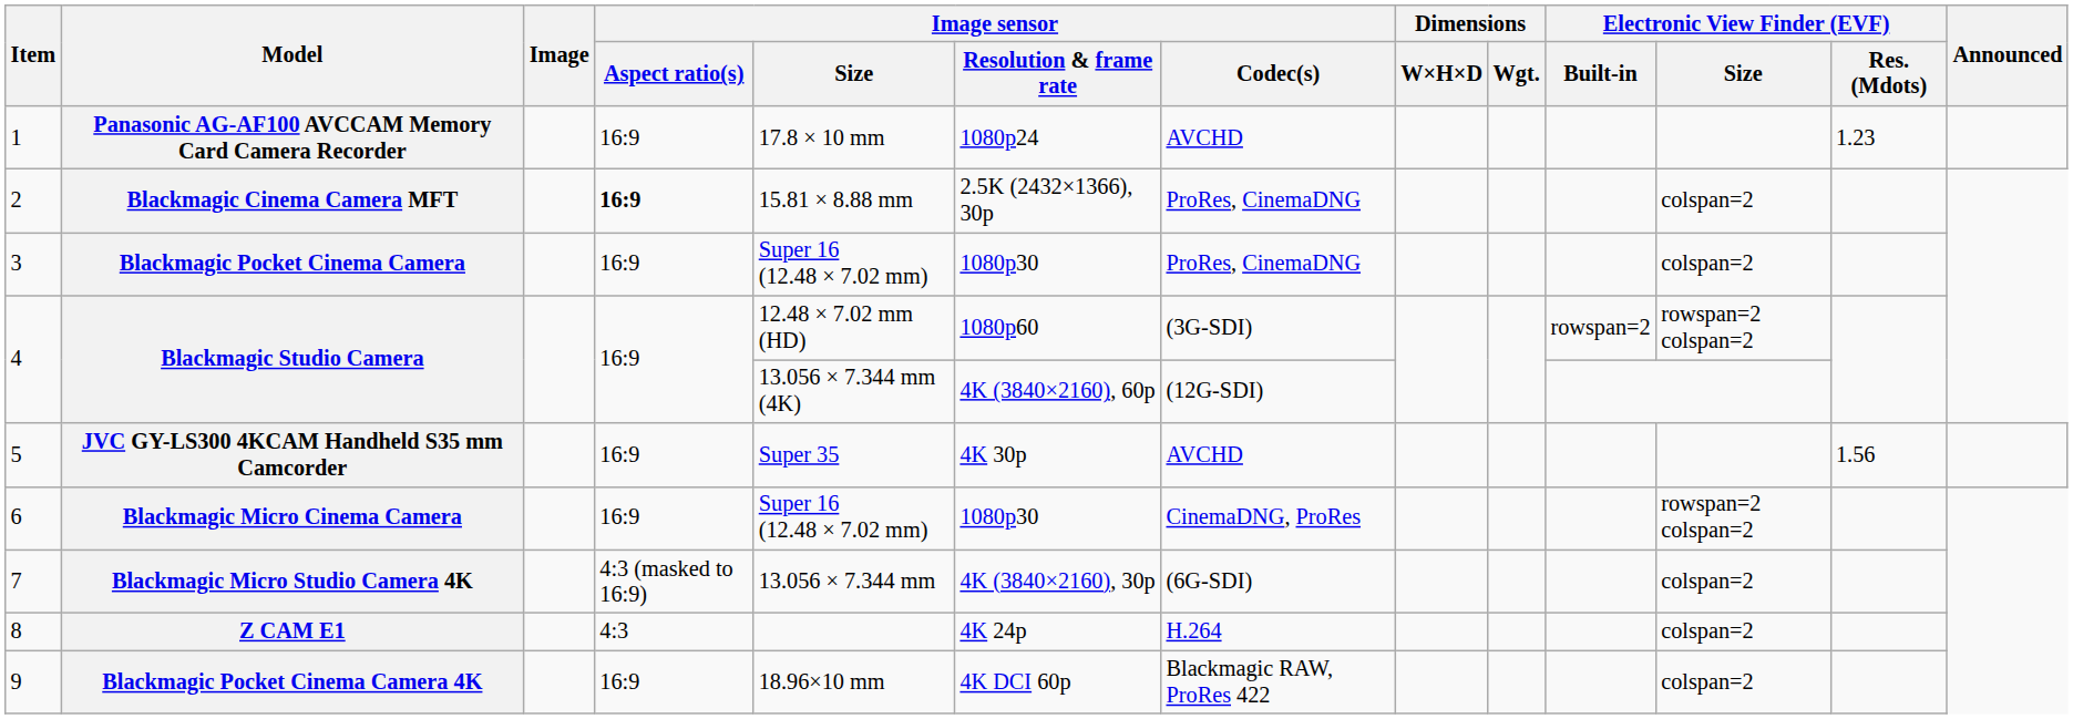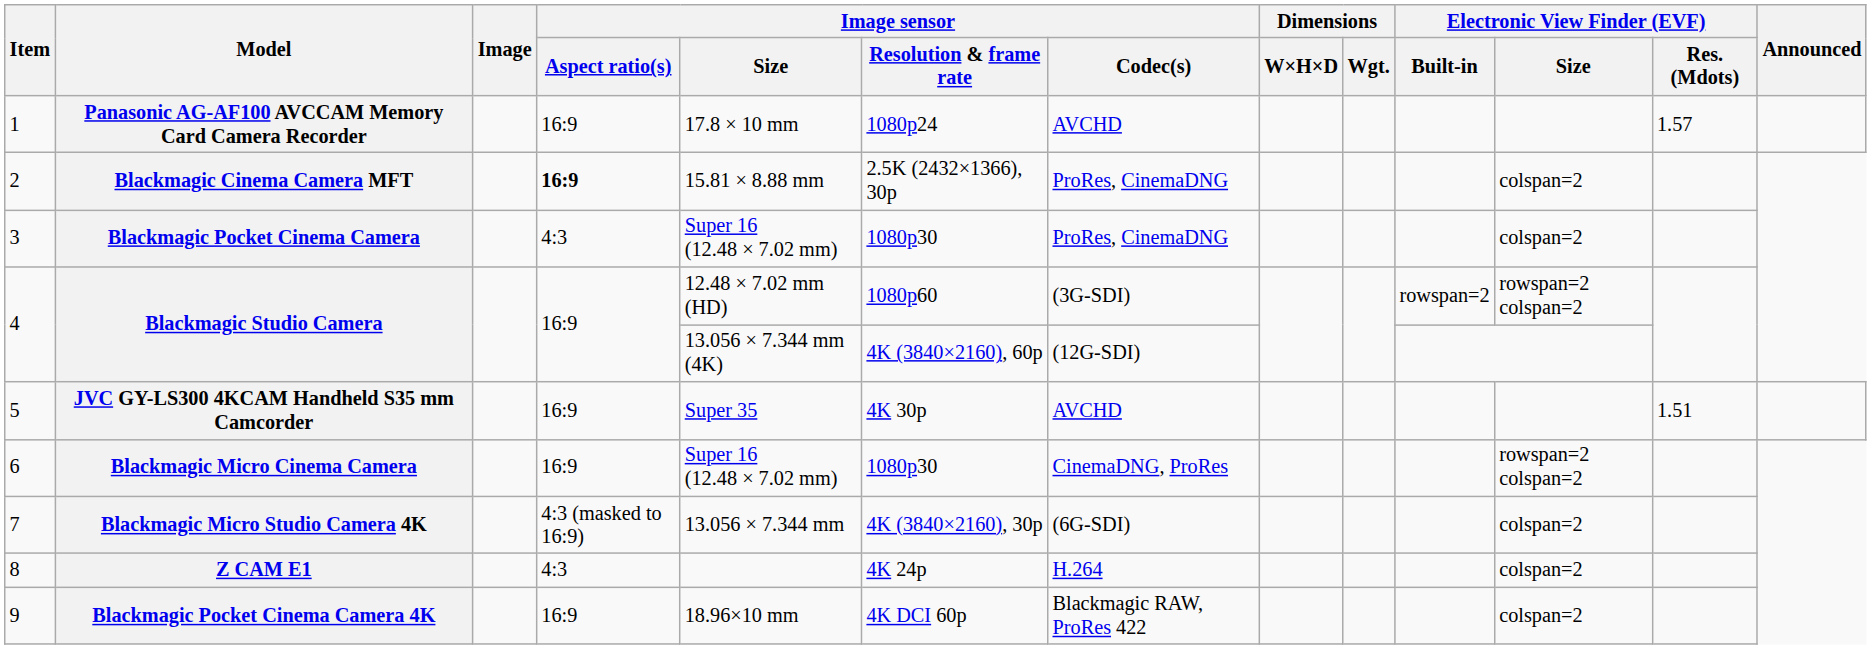 <table class="wikitable sortable" style= "border:darkgrey;font-size:85%;">
 <tr>
 <th rowspan=2>Item</th>
 <th rowspan=2>Model</th>
 <th rowspan=2 class="unsortable">Image</th>
 <th colspan=4><a href='#'>Image sensor</a></th>
 <th colspan=2>Dimensions</th>
 <th colspan=3><a href='#'>Electronic View Finder (EVF)</a></th>
 <th rowspan=2>Announced</th>
 </tr>
 <tr>
 <th><a href='#'>Aspect ratio(s)</a></th>
 <th>Size</th>
 <th><a href='#'>Resolution</a> & <a href='#'>frame rate</a></th>
 <th>Codec(s)</th>
 <th>W×H×D</th>
 <th>Wgt.</th>
 <th>Built-in</th>
 <th>Size</th>
 <th>Res. (Mdots)</th>
 </tr>
 <tr>
 <td>1</td>
 <th><a href='#'>Panasonic AG-AF100</a> AVCCAM Memory Card Camera Recorder</th>
 <td></td>
 <td>16:9</td>
 <td>17.8 × 10 mm</td>
 <td><a href='#'>1080p</a>24</td>
 <td><a href='#'>AVCHD</a></td>
 <td></td>
 <td></td>
 <td></td>
 <td></td>
-<td>1.23</td>
+<td>1.57</td>
 <td style="padding-left:.5em;"></td>
 </tr>
 <tr>
 <td>2</td>
 <th><a href='#'>Blackmagic Cinema Camera</a> MFT</th>
 <td></td>
 <td><strong>16:9</strong></td>
 <td>15.81 × 8.88 mm</td>
 <td>2.5K (2432×1366), 30p</td>
 <td><a href='#'>ProRes</a>, <a href='#'>CinemaDNG</a></td>
 <td></td>
 <td></td>
 <td></td>
 <td>colspan=2 </td>
 <td style="padding-left:.5em;"></td>
 </tr>
 <tr>
 <td>3</td>
 <th><a href='#'>Blackmagic Pocket Cinema Camera</a></th>
 <td></td>
-<td>16:9</td>
+<td>4:3</td>
 <td><a href='#'>Super 16</a><br>(12.48 × 7.02 mm)</td>
 <td><a href='#'>1080p</a>30</td>
 <td><a href='#'>ProRes</a>, <a href='#'>CinemaDNG</a></td>
 <td></td>
 <td></td>
 <td></td>
 <td>colspan=2 </td>
 <td style="padding-left:.5em;"></td>
 </tr>
 <tr>
 <td rowspan=2>4</td>
 <th rowspan=2><a href='#'>Blackmagic Studio Camera</a></th>
 <td rowspan=2></td>
 <td rowspan=2>16:9</td>
 <td>12.48 × 7.02 mm (HD)</td>
 <td><a href='#'>1080p</a>60</td>
 <td>(3G-SDI)</td>
 <td rowspan=2></td>
 <td rowspan=2></td>
 <td>rowspan=2 </td>
 <td>rowspan=2 colspan=2 </td>
 <td rowspan=2></td>
 </tr>
 <tr>
 <td>13.056 × 7.344 mm (4K)</td>
 <td><a href='#'>4K (3840×2160)</a>, 60p</td>
 <td>(12G-SDI)</td>
 </tr>
 <tr>
 <td>5</td>
 <th><a href='#'>JVC</a> GY-LS300 4KCAM Handheld S35 mm Camcorder</th>
 <td></td>
 <td>16:9</td>
 <td><a href='#'>Super 35</a></td>
 <td><a href='#'>4K</a> 30p</td>
 <td><a href='#'>AVCHD</a></td>
 <td></td>
 <td></td>
 <td></td>
 <td></td>
-<td>1.56</td>
+<td>1.51</td>
 <td></td>
 </tr>
 <tr>
 <td>6</td>
 <th><a href='#'>Blackmagic Micro Cinema Camera</a></th>
 <td></td>
 <td>16:9</td>
 <td><a href='#'>Super 16</a><br>(12.48 × 7.02 mm)</td>
 <td><a href='#'>1080p</a>30</td>
 <td><a href='#'>CinemaDNG</a>, <a href='#'>ProRes</a></td>
 <td></td>
 <td></td>
 <td></td>
 <td>rowspan=2 colspan=2 </td>
 <td></td>
 </tr>
 <tr>
 <td>7</td>
 <th><a href='#'>Blackmagic Micro Studio Camera</a> 4K</th>
 <td></td>
 <td>4:3 (masked to 16:9)</td>
 <td>13.056 × 7.344 mm</td>
 <td><a href='#'>4K (3840×2160)</a>, 30p</td>
 <td>(6G-SDI)</td>
 <td></td>
 <td></td>
 <td></td>
 <td>colspan=2 </td>
 <td></td>
 </tr>
 <tr>
 <td>8</td>
 <th><a href='#'>Z CAM E1</a></th>
 <td></td>
 <td>4:3</td>
 <td></td>
 <td><a href='#'>4K</a> 24p</td>
 <td><a href='#'>H.264</a></td>
 <td></td>
 <td></td>
 <td></td>
 <td>colspan=2 </td>
 <td></td>
 </tr>
 <tr>
 <td>9</td>
 <th><a href='#'>Blackmagic Pocket Cinema Camera 4K</a></th>
 <td></td>
 <td>16:9</td>
 <td>18.96×10 mm</td>
 <td><a href='#'>4K DCI</a> 60p</td>
 <td>Blackmagic RAW, <a href='#'>ProRes</a> 422</td>
 <td></td>
 <td></td>
 <td></td>
 <td>colspan=2 </td>
 <td></td>
 </tr>
 </table>
